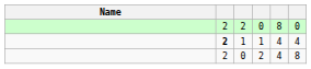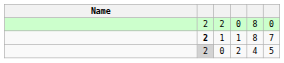 <table class=wikitable style="text-align:center">
 <tr>
 <th width=300>Name</th>
 <th width=20></th>
 <th width=20></th>
 <th width=20></th>
 <th width=20></th>
 <th width=20></th>
 </tr>
 <tr style="background-color:#ccffcc;">
 <td style="text-align:left;"></td>
 <td>2</td>
 <td>2</td>
 <td>0</td>
 <td>8</td>
 <td>0</td>
 </tr>
 <tr>
 <td style="text-align:left;"></td>
 <td><strong>2</strong></td>
 <td>1</td>
 <td>1</td>
-<td>4</td>
-<td>4</td>
+<td>8</td>
+<td>7</td>
 </tr>
 <tr>
 <td style="text-align:left;"></td>
-<td>2</td>
+<td style="background: lightgrey;">2</td>
 <td>0</td>
 <td>2</td>
 <td>4</td>
-<td>8</td>
+<td>5</td>
 </tr>
 </table>
